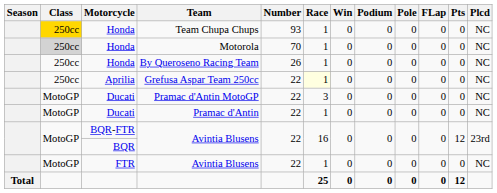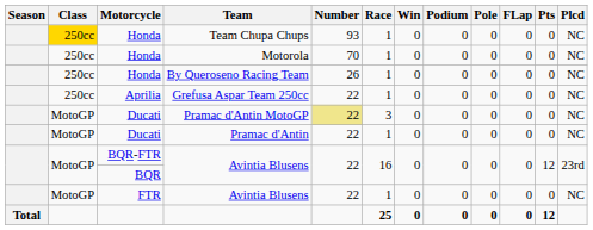 <table class="wikitable">
 <tr>
 <th>Season</th>
 <th>Class</th>
 <th>Motorcycle</th>
 <th>Team</th>
 <th>Number</th>
 <th>Race</th>
 <th>Win</th>
 <th>Podium</th>
 <th>Pole</th>
 <th>FLap</th>
 <th>Pts</th>
 <th>Plcd</th>
 </tr>
 <tr align="right">
 <th></th>
 <td style="background: gold;">250cc</td>
 <td><a href='#'>Honda</a></td>
 <td>Team Chupa Chups</td>
 <td>93</td>
 <td>1</td>
 <td>0</td>
 <td>0</td>
 <td>0</td>
 <td>0</td>
 <td>0</td>
 <td>NC</td>
 </tr>
 <tr align="right">
 <th></th>
-<td style="background: lightgrey;">250cc</td>
+<td>250cc</td>
 <td><a href='#'>Honda</a></td>
 <td>Motorola</td>
 <td>70</td>
 <td>1</td>
 <td>0</td>
 <td>0</td>
 <td>0</td>
 <td>0</td>
 <td>0</td>
 <td>NC</td>
 </tr>
 <tr align="right">
 <th></th>
 <td>250cc</td>
 <td><a href='#'>Honda</a></td>
 <td><a href='#'>By Queroseno Racing Team</a></td>
 <td>26</td>
 <td>1</td>
 <td>0</td>
 <td>0</td>
 <td>0</td>
 <td>0</td>
 <td>0</td>
 <td>NC</td>
 </tr>
 <tr align="right">
 <th></th>
 <td>250cc</td>
 <td><a href='#'>Aprilia</a></td>
 <td><a href='#'>Grefusa Aspar Team 250cc</a></td>
 <td>22</td>
-<td style="background: lightyellow;">1</td>
+<td>1</td>
 <td>0</td>
 <td>0</td>
 <td>0</td>
 <td>0</td>
 <td>0</td>
 <td>NC</td>
 </tr>
 <tr align="right">
 <th></th>
 <td>MotoGP</td>
 <td><a href='#'>Ducati</a></td>
 <td><a href='#'>Pramac d'Antin MotoGP</a></td>
-<td>22</td>
+<td style="background: khaki;">22</td>
 <td>3</td>
 <td>0</td>
 <td>0</td>
 <td>0</td>
 <td>0</td>
 <td>0</td>
 <td>NC</td>
 </tr>
 <tr align="right">
 <th></th>
 <td>MotoGP</td>
 <td><a href='#'>Ducati</a></td>
 <td><a href='#'>Pramac d'Antin</a></td>
 <td>22</td>
 <td>1</td>
 <td>0</td>
 <td>0</td>
 <td>0</td>
 <td>0</td>
 <td>0</td>
 <td>NC</td>
 </tr>
 <tr align="right">
 <th rowspan=2></th>
 <td rowspan=2>MotoGP</td>
 <td><a href='#'>BQR</a>-<a href='#'>FTR</a></td>
 <td rowspan=2><a href='#'>Avintia Blusens</a></td>
 <td rowspan=2>22</td>
 <td rowspan=2>16</td>
 <td rowspan=2>0</td>
 <td rowspan=2>0</td>
 <td rowspan=2>0</td>
 <td rowspan=2>0</td>
 <td rowspan=2>12</td>
 <td rowspan=2>23rd</td>
 </tr>
 <tr align="right">
 <td><a href='#'>BQR</a></td>
 </tr>
 <tr align="right">
 <th></th>
 <td>MotoGP</td>
 <td><a href='#'>FTR</a></td>
 <td><a href='#'>Avintia Blusens</a></td>
 <td>22</td>
 <td>1</td>
 <td>0</td>
 <td>0</td>
 <td>0</td>
 <td>0</td>
 <td>0</td>
 <td>NC</td>
 </tr>
 <tr align="right">
 <th>Total</th>
 <td></td>
 <td></td>
 <td></td>
 <td></td>
 <td><strong>25</strong></td>
 <td><strong>0</strong></td>
 <td><strong>0</strong></td>
 <td><strong>0</strong></td>
 <td><strong>0</strong></td>
 <td><strong>12</strong></td>
 <td></td>
 </tr>
 </table>
